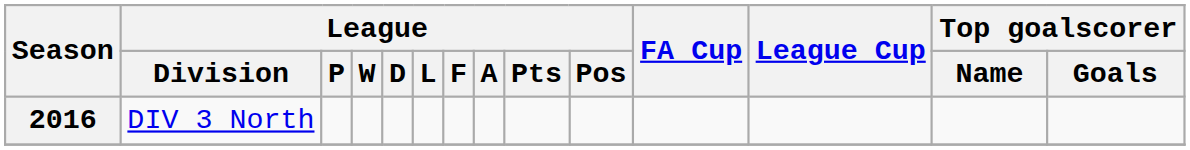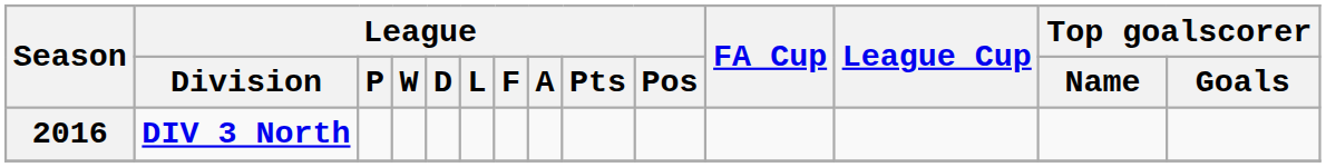 <table class="wikitable" style="text-align: center">
 <tr>
 <th rowspan=2>Season</th>
 <th colspan=9>League</th>
 <th rowspan=2><a href='#'>FA Cup</a></th>
 <th rowspan=2><a href='#'>League Cup</a></th>
 <th colspan=2>Top goalscorer</th>
 </tr>
 <tr>
 <th>Division</th>
 <th>P</th>
 <th>W</th>
 <th>D</th>
 <th>L</th>
 <th>F</th>
 <th>A</th>
 <th>Pts</th>
 <th>Pos</th>
 <th>Name</th>
 <th>Goals</th>
 </tr>
 <tr>
 <th>2016</th>
-<td><a href='#'>DIV 3 North</a></td>
+<td><strong><a href='#'>DIV 3 North</a></strong></td>
 <td></td>
 <td></td>
 <td></td>
 <td></td>
 <td></td>
 <td></td>
 <td></td>
 <td></td>
 <td></td>
 <td></td>
 <td></td>
 <td></td>
 </tr>
 <tr>
 </tr>
 </table>
